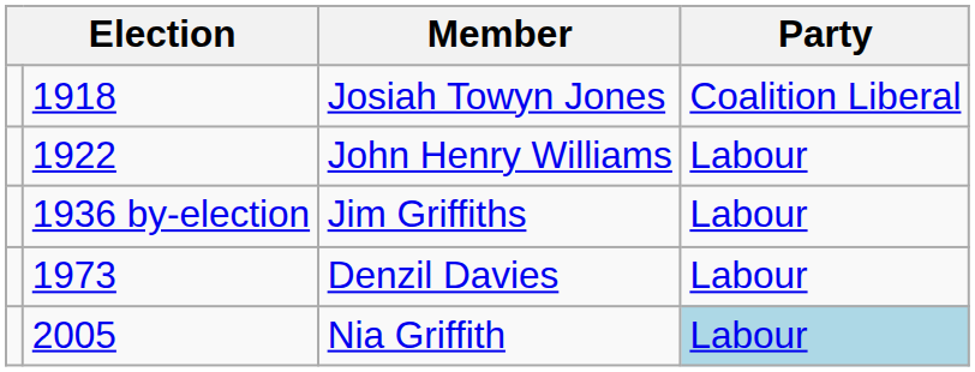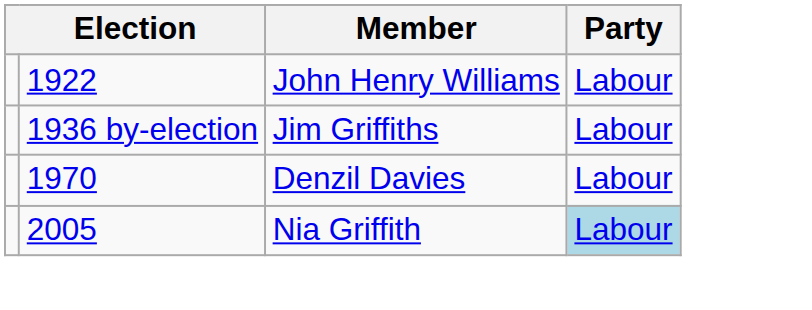 <table class="wikitable">
 <tr>
 <th colspan="2">Election</th>
 <th>Member</th>
 <th>Party</th>
-</tr>
-<tr>
-<td style="color:inherit;background-color: "></td>
-<td><a href='#'>1918</a></td>
-<td><a href='#'>Josiah Towyn Jones</a></td>
-<td><a href='#'>Coalition Liberal</a></td>
 </tr>
 <tr>
 <td style="color:inherit;background-color: "></td>
 <td><a href='#'>1922</a></td>
 <td><a href='#'>John Henry Williams</a></td>
 <td><a href='#'>Labour</a></td>
 </tr>
 <tr>
 <td style="color:inherit;background-color: "></td>
 <td><a href='#'>1936 by-election</a></td>
 <td><a href='#'>Jim Griffiths</a></td>
 <td><a href='#'>Labour</a></td>
 </tr>
 <tr>
 <td style="color:inherit;background-color: "></td>
-<td><a href='#'>1973</a></td>
+<td><a href='#'>1970</a></td>
 <td><a href='#'>Denzil Davies</a></td>
 <td><a href='#'>Labour</a></td>
 </tr>
 <tr>
 <td style="color:inherit;background-color: "></td>
 <td><a href='#'>2005</a></td>
 <td><a href='#'>Nia Griffith</a></td>
 <td style="background: lightblue;"><a href='#'>Labour</a></td>
 </tr>
 </table>
